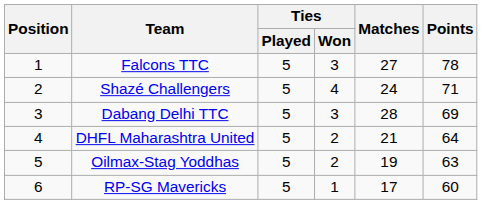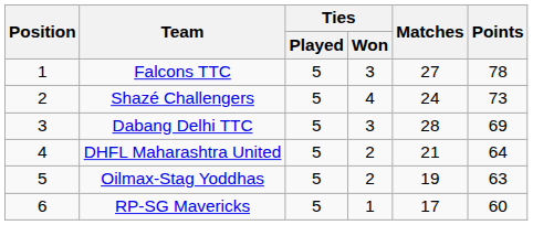 <table class="wikitable sortable" style="text-align:center;">
 <tr>
 <th rowspan=2>Position</th>
 <th rowspan=2>Team</th>
 <th colspan=2>Ties</th>
 <th rowspan=2>Matches</th>
 <th rowspan=2>Points</th>
 </tr>
 <tr>
 <th>Played</th>
 <th>Won</th>
 </tr>
 <tr>
 <td>1</td>
 <td><a href='#'>Falcons TTC</a></td>
 <td>5</td>
 <td>3</td>
 <td>27</td>
 <td>78</td>
 </tr>
 <tr>
 <td>2</td>
 <td><a href='#'>Shazé Challengers</a></td>
 <td>5</td>
 <td>4</td>
 <td>24</td>
-<td>71</td>
+<td>73</td>
 </tr>
 <tr>
 <td>3</td>
 <td><a href='#'>Dabang Delhi TTC</a></td>
 <td>5</td>
 <td>3</td>
 <td>28</td>
 <td>69</td>
 </tr>
 <tr>
 <td>4</td>
 <td><a href='#'>DHFL Maharashtra United</a></td>
 <td>5</td>
 <td>2</td>
 <td>21</td>
 <td>64</td>
 </tr>
 <tr>
 <td>5</td>
 <td><a href='#'>Oilmax-Stag Yoddhas</a></td>
 <td>5</td>
 <td>2</td>
 <td>19</td>
 <td>63</td>
 </tr>
 <tr>
 <td>6</td>
 <td><a href='#'>RP-SG Mavericks</a></td>
 <td>5</td>
 <td>1</td>
 <td>17</td>
 <td>60</td>
 </tr>
 </table>
